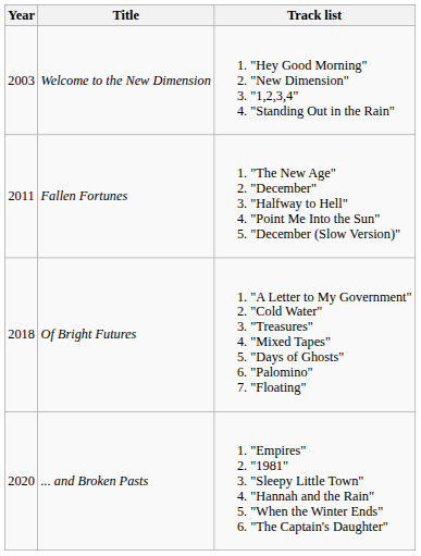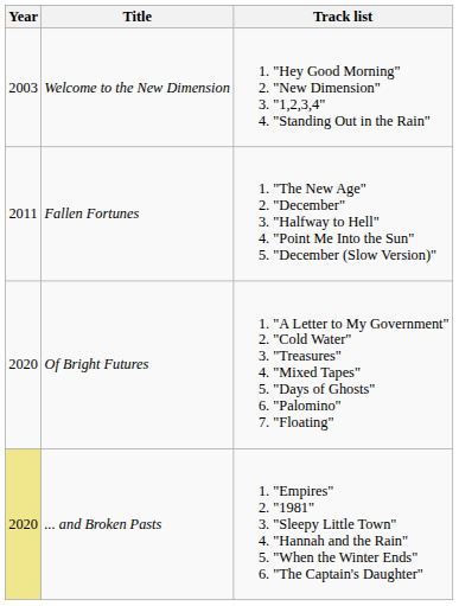 <table class="wikitable plainrowheaders" style="text-align:center;">
 <tr>
 <th>Year</th>
 <th>Title</th>
 <th>Track list</th>
 </tr>
 <tr>
 <td>2003</td>
 <td style="text-align:left;"><em>Welcome to the New Dimension</em></td>
 <td style="text-align:left;"><br><ol><li>"Hey Good Morning"</li><li>"New Dimension"</li><li>"1,2,3,4"</li><li>"Standing Out in the Rain"</li></ol></td>
 </tr>
 <tr>
 <td>2011</td>
 <td style="text-align:left;"><em>Fallen Fortunes</em></td>
 <td style="text-align:left;"><br><ol><li>"The New Age"</li><li>"December"</li><li>"Halfway to Hell"</li><li>"Point Me Into the Sun"</li><li>"December (Slow Version)"</li></ol></td>
 </tr>
 <tr>
-<td>2018</td>
+<td>2020</td>
 <td style="text-align:left;"><em>Of Bright Futures</em></td>
 <td style="text-align:left;"><br><ol><li>"A Letter to My Government"</li><li>"Cold Water"</li><li>"Treasures"</li><li>"Mixed Tapes"</li><li>"Days of Ghosts"</li><li>"Palomino"</li><li>"Floating"</li></ol></td>
 </tr>
 <tr>
-<td>2020</td>
+<td style="background: khaki;">2020</td>
 <td style="text-align:left;"><em>... and Broken Pasts</em></td>
 <td style="text-align:left;"><br><ol><li>"Empires"</li><li>"1981"</li><li>"Sleepy Little Town"</li><li>"Hannah and the Rain"</li><li>"When the Winter Ends"</li><li>"The Captain's Daughter"</li></ol></td>
 </tr>
 </table>
